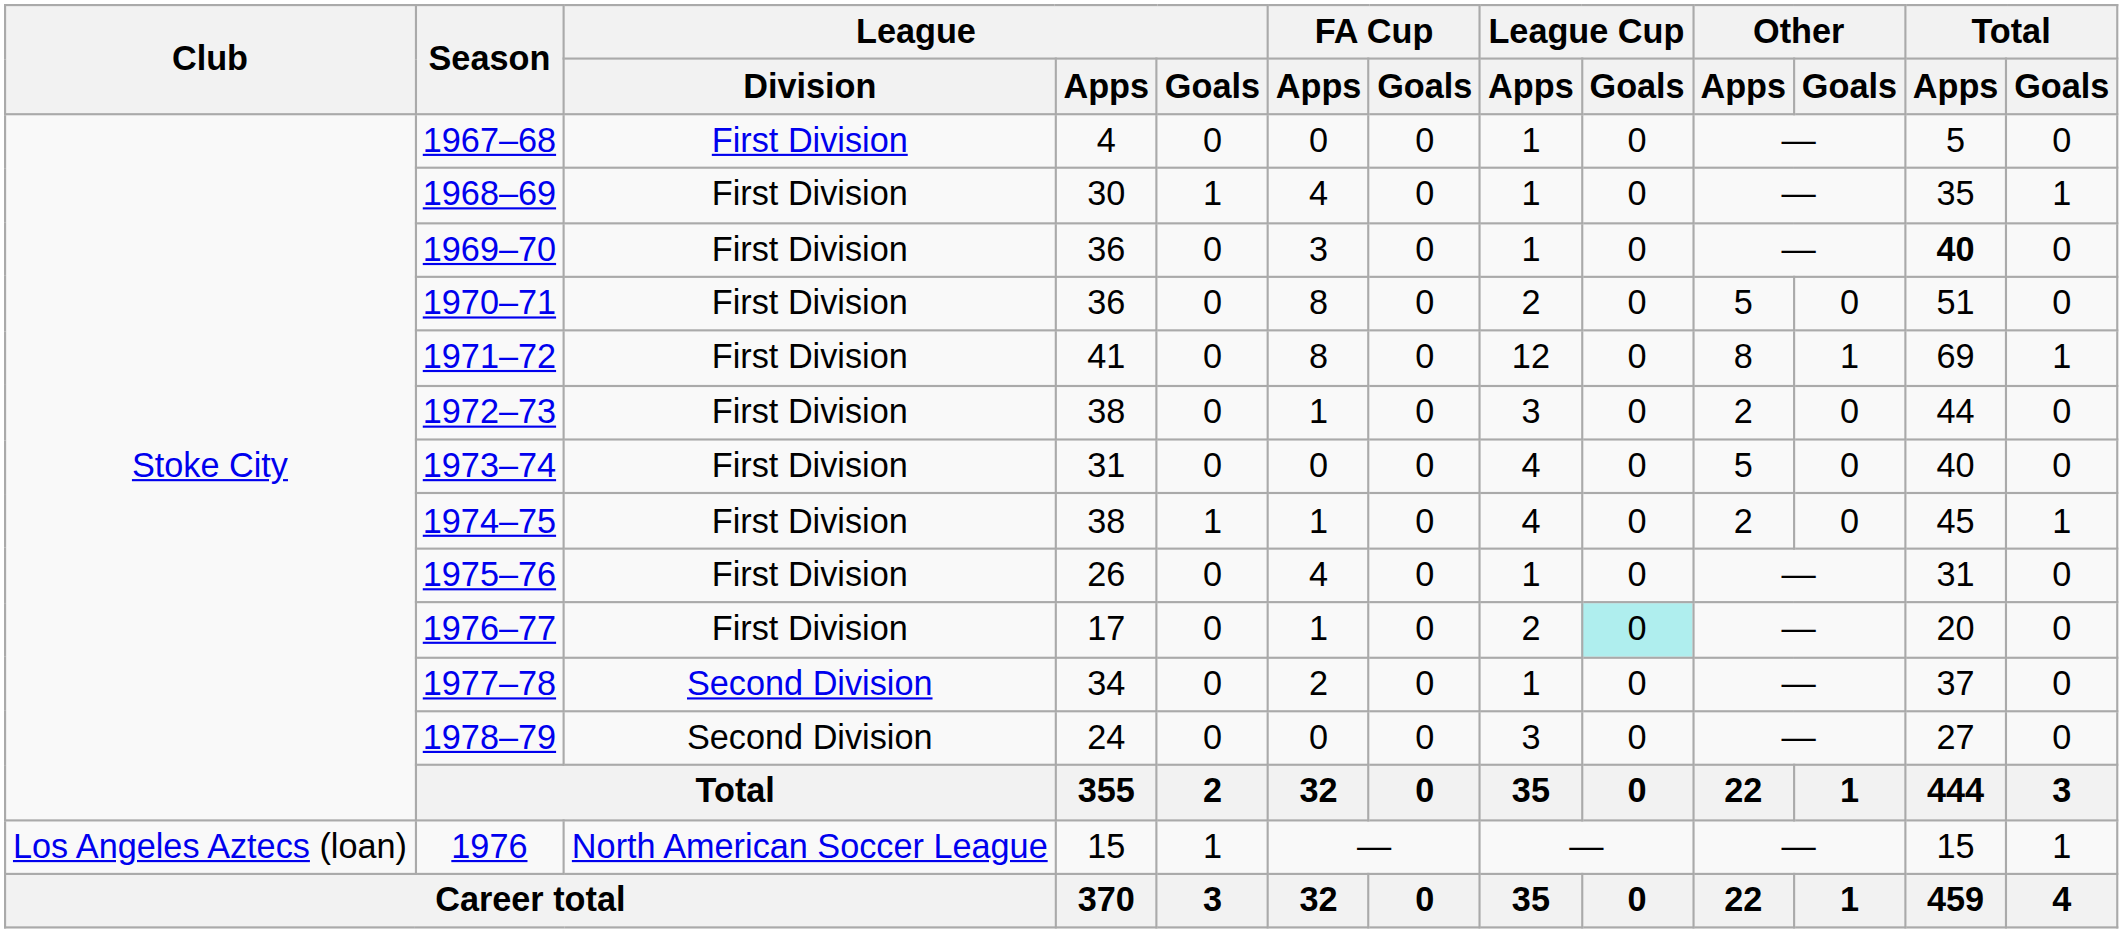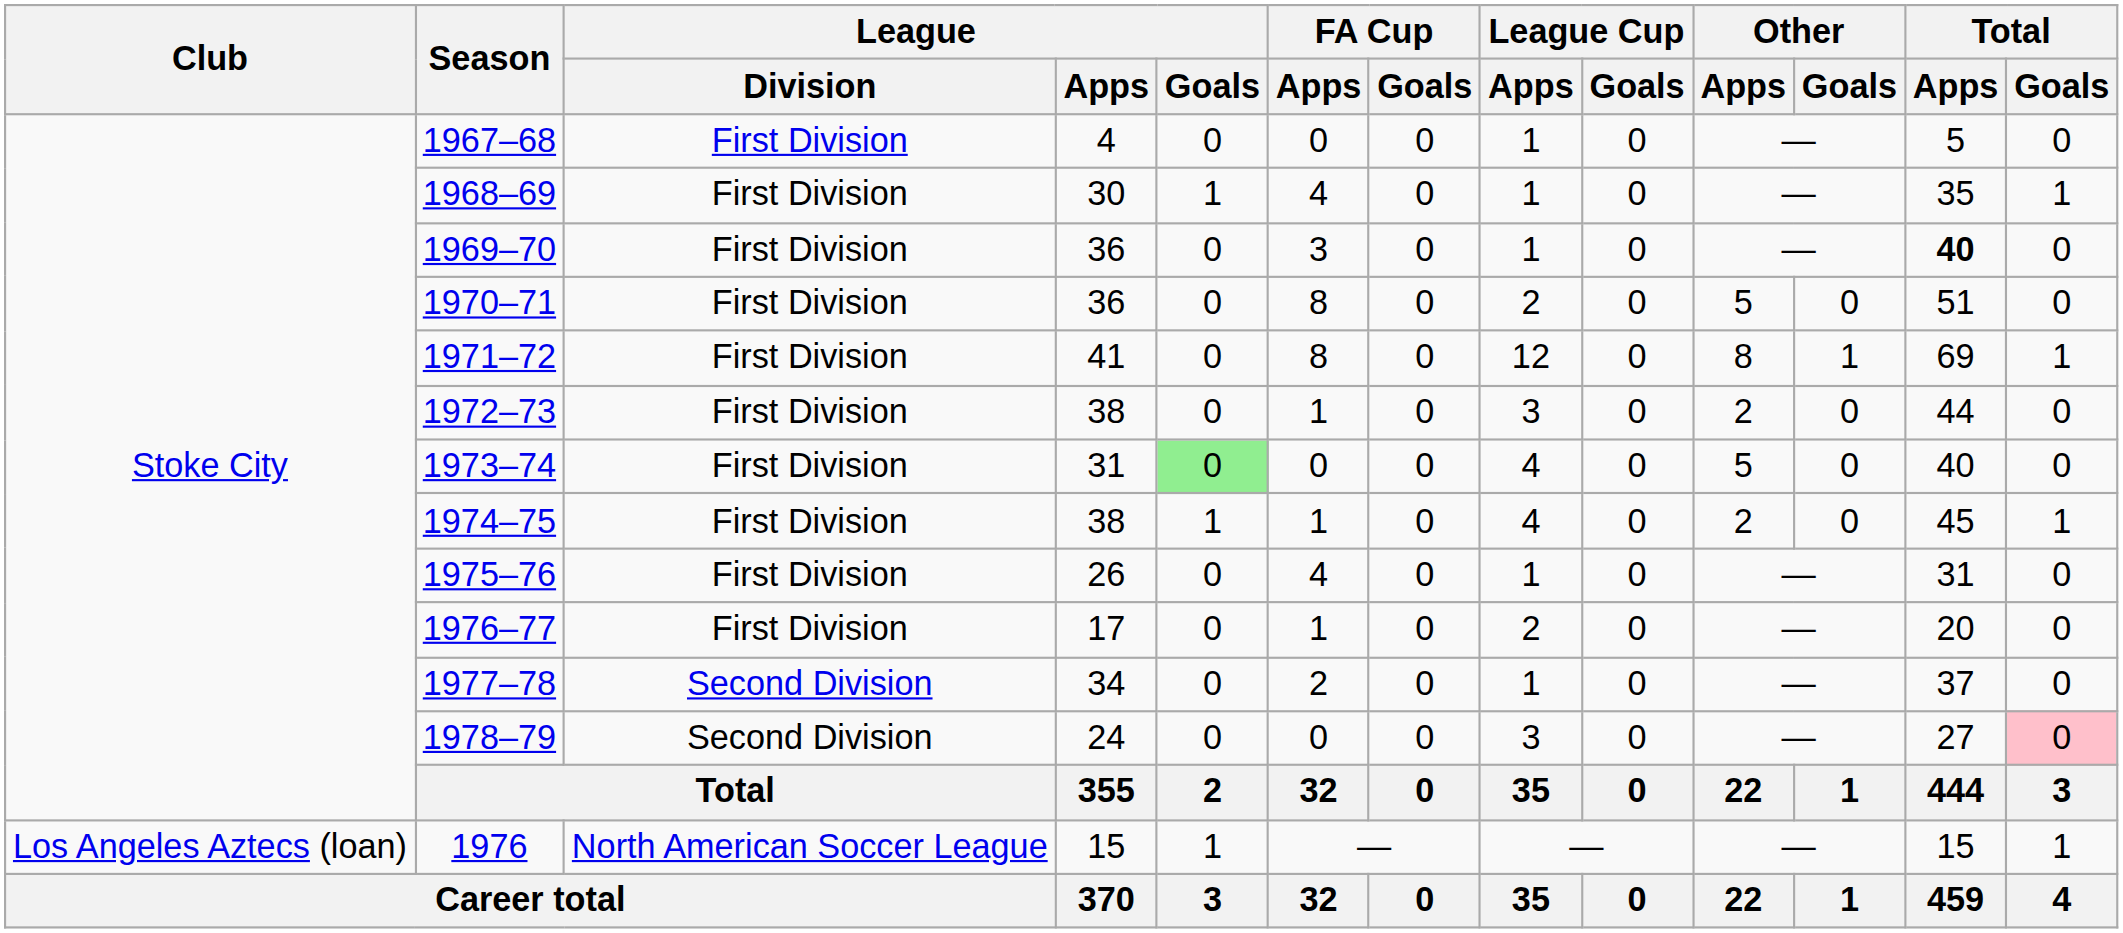 <table class="wikitable" style="text-align: center;">
 <tr>
 <th rowspan="2">Club</th>
 <th rowspan="2">Season</th>
 <th colspan="3">League</th>
 <th colspan="2">FA Cup</th>
 <th colspan="2">League Cup</th>
 <th colspan="2">Other</th>
 <th colspan="2">Total</th>
 </tr>
 <tr>
 <th>Division</th>
 <th>Apps</th>
 <th>Goals</th>
 <th>Apps</th>
 <th>Goals</th>
 <th>Apps</th>
 <th>Goals</th>
 <th>Apps</th>
 <th>Goals</th>
 <th>Apps</th>
 <th>Goals</th>
 </tr>
 <tr>
 <td rowspan="13"><a href='#'>Stoke City</a></td>
 <td><a href='#'>1967–68</a></td>
 <td><a href='#'>First Division</a></td>
 <td>4</td>
 <td>0</td>
 <td>0</td>
 <td>0</td>
 <td>1</td>
 <td>0</td>
 <td colspan="2">—</td>
 <td>5</td>
 <td>0</td>
 </tr>
 <tr>
 <td><a href='#'>1968–69</a></td>
 <td>First Division</td>
 <td>30</td>
 <td>1</td>
 <td>4</td>
 <td>0</td>
 <td>1</td>
 <td>0</td>
 <td colspan="2">—</td>
 <td>35</td>
 <td>1</td>
 </tr>
 <tr>
 <td><a href='#'>1969–70</a></td>
 <td>First Division</td>
 <td>36</td>
 <td>0</td>
 <td>3</td>
 <td>0</td>
 <td>1</td>
 <td>0</td>
 <td colspan="2">—</td>
 <td><strong>40</strong></td>
 <td>0</td>
 </tr>
 <tr>
 <td><a href='#'>1970–71</a></td>
 <td>First Division</td>
 <td>36</td>
 <td>0</td>
 <td>8</td>
 <td>0</td>
 <td>2</td>
 <td>0</td>
 <td>5</td>
 <td>0</td>
 <td>51</td>
 <td>0</td>
 </tr>
 <tr>
 <td><a href='#'>1971–72</a></td>
 <td>First Division</td>
 <td>41</td>
 <td>0</td>
 <td>8</td>
 <td>0</td>
 <td>12</td>
 <td>0</td>
 <td>8</td>
 <td>1</td>
 <td>69</td>
 <td>1</td>
 </tr>
 <tr>
 <td><a href='#'>1972–73</a></td>
 <td>First Division</td>
 <td>38</td>
 <td>0</td>
 <td>1</td>
 <td>0</td>
 <td>3</td>
 <td>0</td>
 <td>2</td>
 <td>0</td>
 <td>44</td>
 <td>0</td>
 </tr>
 <tr>
 <td><a href='#'>1973–74</a></td>
 <td>First Division</td>
 <td>31</td>
-<td>0</td>
+<td style="background: lightgreen;">0</td>
 <td>0</td>
 <td>0</td>
 <td>4</td>
 <td>0</td>
 <td>5</td>
 <td>0</td>
 <td>40</td>
 <td>0</td>
 </tr>
 <tr>
 <td><a href='#'>1974–75</a></td>
 <td>First Division</td>
 <td>38</td>
 <td>1</td>
 <td>1</td>
 <td>0</td>
 <td>4</td>
 <td>0</td>
 <td>2</td>
 <td>0</td>
 <td>45</td>
 <td>1</td>
 </tr>
 <tr>
 <td><a href='#'>1975–76</a></td>
 <td>First Division</td>
 <td>26</td>
 <td>0</td>
 <td>4</td>
 <td>0</td>
 <td>1</td>
 <td>0</td>
 <td colspan="2">—</td>
 <td>31</td>
 <td>0</td>
 </tr>
 <tr>
 <td><a href='#'>1976–77</a></td>
 <td>First Division</td>
 <td>17</td>
 <td>0</td>
 <td>1</td>
 <td>0</td>
 <td>2</td>
-<td style="background: paleturquoise;">0</td>
+<td>0</td>
 <td colspan="2">—</td>
 <td>20</td>
 <td>0</td>
 </tr>
 <tr>
 <td><a href='#'>1977–78</a></td>
 <td><a href='#'>Second Division</a></td>
 <td>34</td>
 <td>0</td>
 <td>2</td>
 <td>0</td>
 <td>1</td>
 <td>0</td>
 <td colspan="2">—</td>
 <td>37</td>
 <td>0</td>
 </tr>
 <tr>
 <td><a href='#'>1978–79</a></td>
 <td>Second Division</td>
 <td>24</td>
 <td>0</td>
 <td>0</td>
 <td>0</td>
 <td>3</td>
 <td>0</td>
 <td colspan="2">—</td>
 <td>27</td>
-<td>0</td>
+<td style="background: pink;">0</td>
 </tr>
 <tr>
 <th colspan="2">Total</th>
 <th>355</th>
 <th>2</th>
 <th>32</th>
 <th>0</th>
 <th>35</th>
 <th>0</th>
 <th>22</th>
 <th>1</th>
 <th>444</th>
 <th>3</th>
 </tr>
 <tr>
 <td><a href='#'>Los Angeles Aztecs</a> (loan)</td>
 <td><a href='#'>1976</a></td>
 <td><a href='#'>North American Soccer League</a></td>
 <td>15</td>
 <td>1</td>
 <td colspan="2">—</td>
 <td colspan="2">—</td>
 <td colspan="2">—</td>
 <td>15</td>
 <td>1</td>
 </tr>
 <tr>
 <th colspan="3">Career total</th>
 <th>370</th>
 <th>3</th>
 <th>32</th>
 <th>0</th>
 <th>35</th>
 <th>0</th>
 <th>22</th>
 <th>1</th>
 <th>459</th>
 <th>4</th>
 </tr>
 </table>
